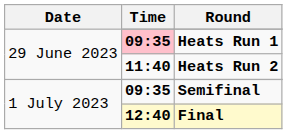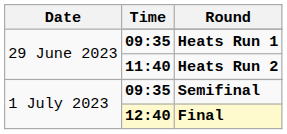 <table class="wikitable">
 <tr>
 <th>Date</th>
 <th>Time</th>
 <th>Round</th>
 </tr>
 <tr>
 <td rowspan=3>29 June 2023</td>
 </tr>
 <tr>
-<td style="background: pink;"><strong>09:35</strong></td>
+<td><strong>09:35</strong></td>
 <td><strong>Heats Run 1</strong></td>
 </tr>
 <tr>
 <td><strong>11:40</strong></td>
 <td><strong>Heats Run 2</strong></td>
 </tr>
 <tr>
 <td rowspan=3>1 July 2023</td>
 </tr>
 <tr>
 <td><strong>09:35</strong></td>
 <td><strong>Semifinal</strong></td>
 </tr>
 <tr style=background:lemonchiffon>
 <td><strong>12:40</strong></td>
 <td><strong>Final</strong></td>
 </tr>
 </table>
